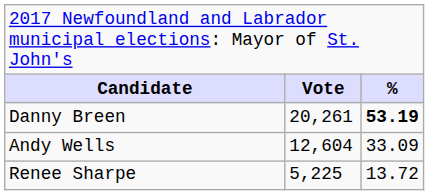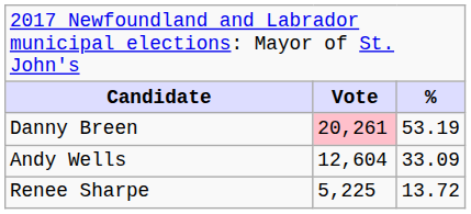 <table class="wikitable">
 <tr>
 <td colspan=3><a href='#'>2017 Newfoundland and Labrador municipal elections</a>: Mayor of <a href='#'>St. John's</a></td>
 </tr>
 <tr>
 <th style="background:#ddf; width:200px;">Candidate</th>
 <th style="background:#ddf; width:50px;">Vote</th>
 <th style="background:#ddf; width:30px;">%</th>
 </tr>
 <tr>
 <td>Danny Breen</td>
-<td>20,261</td>
-<td><strong>53.19</strong></td>
+<td style="background: pink;">20,261</td>
+<td>53.19</td>
 </tr>
 <tr>
 <td>Andy Wells</td>
 <td>12,604</td>
 <td>33.09</td>
 </tr>
 <tr>
 <td>Renee Sharpe</td>
 <td>5,225</td>
 <td>13.72</td>
 </tr>
 </table>
